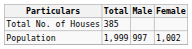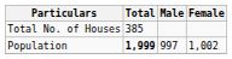 <table class="wikitable sortable">
 <tr>
 <th>Particulars</th>
 <th>Total</th>
 <th>Male</th>
 <th>Female</th>
 </tr>
 <tr>
 <td>Total No. of Houses</td>
 <td>385</td>
 <td></td>
 <td></td>
 </tr>
 <tr>
 <td>Population</td>
-<td>1,999</td>
+<td><strong>1,999</strong></td>
 <td>997</td>
 <td>1,002</td>
 </tr>
 <tr>
 </tr>
 </table>
